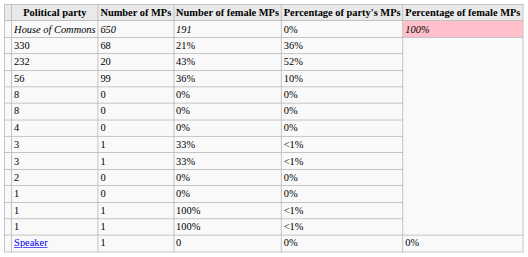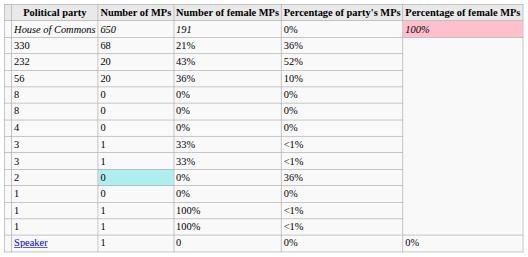 <table class="wikitable sortable">
 <tr>
 <th style="background-color:#E9E9E9" class="unsortable"></th>
 <th style="background-color:#E9E9E9" align="center">Political party<br></th>
 <th style="background-color:#E9E9E9" align="center">Number of MPs</th>
 <th style="background-color:#E9E9E9" align="center">Number of female MPs</th>
 <th style="background-color:#E9E9E9" align="center">Percentage of party's MPs</th>
 <th style="background-color:#E9E9E9" align="center">Percentage of female MPs</th>
 </tr>
 <tr>
 <td></td>
 <td><em>House of Commons</em></td>
 <td><em>650</em></td>
 <td><em>191</em></td>
 <td>0%</td>
 <td style="background: pink;"><em>100%</em></td>
 </tr>
 <tr>
 <td></td>
 <td style="text-align: left;" scope="row">330</td>
 <td>68</td>
 <td>21%</td>
 <td>36%</td>
 </tr>
 <tr>
 <td></td>
 <td style="text-align: left;" scope="row">232</td>
 <td>20</td>
 <td>43%</td>
 <td>52%</td>
 </tr>
 <tr>
 <td></td>
 <td style="text-align: left;" scope="row">56</td>
-<td>99</td>
+<td>20</td>
 <td>36%</td>
 <td>10%</td>
 </tr>
 <tr>
 <td></td>
 <td style="text-align: left;" scope="row">8</td>
 <td>0</td>
 <td>0%</td>
 <td>0%</td>
 </tr>
 <tr>
 <td></td>
 <td style="text-align: left;" scope="row">8</td>
 <td>0</td>
 <td>0%</td>
 <td>0%</td>
 </tr>
 <tr>
 <td></td>
 <td style="text-align: left;" scope="row">4</td>
 <td>0</td>
 <td>0%</td>
 <td>0%</td>
 </tr>
 <tr>
 <td></td>
 <td style="text-align: left;" scope="row">3</td>
 <td>1</td>
 <td>33%</td>
 <td><1%</td>
 </tr>
 <tr>
 <td></td>
 <td style="text-align: left;" scope="row">3</td>
 <td>1</td>
 <td>33%</td>
 <td><1%</td>
 </tr>
 <tr>
 <td></td>
 <td style="text-align: left;" scope="row">2</td>
-<td>0</td>
+<td style="background: paleturquoise;">0</td>
 <td>0%</td>
-<td>0%</td>
+<td>36%</td>
 </tr>
 <tr>
 <td></td>
 <td style="text-align: left;" scope="row">1</td>
 <td>0</td>
 <td>0%</td>
 <td>0%</td>
 </tr>
 <tr>
 <td></td>
 <td style="text-align: left;" scope="row">1</td>
 <td>1</td>
 <td>100%</td>
 <td><1%</td>
 </tr>
 <tr>
 <td></td>
 <td style="text-align: left;" scope="row">1</td>
 <td>1</td>
 <td>100%</td>
 <td><1%</td>
 </tr>
 <tr>
 <td style="background-color:"> </td>
 <td><a href='#'>Speaker</a><br></td>
 <td>1</td>
 <td>0</td>
 <td>0%</td>
 <td>0%</td>
 </tr>
 </table>
